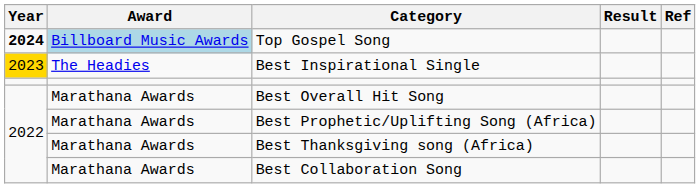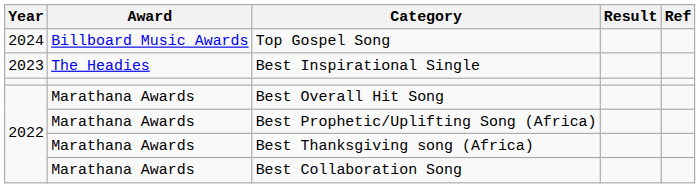 <table class="wikitable">
 <tr>
 <th>Year</th>
 <th>Award</th>
 <th>Category</th>
 <th>Result</th>
 <th>Ref</th>
 </tr>
 <tr>
-<td><strong>2024</strong></td>
-<td style="background: lightblue;"><a href='#'>Billboard Music Awards</a></td>
+<td>2024</td>
+<td><a href='#'>Billboard Music Awards</a></td>
 <td>Top Gospel Song</td>
 <td></td>
 <td></td>
 </tr>
 <tr>
-<td style="background: gold;">2023</td>
+<td>2023</td>
 <td><a href='#'>The Headies</a></td>
 <td>Best Inspirational Single</td>
 <td></td>
 <td></td>
 </tr>
 <tr>
 <td></td>
 <td></td>
 <td></td>
 <td></td>
 <td></td>
 </tr>
 <tr>
 <td rowspan="4">2022</td>
 <td>Marathana Awards</td>
 <td>Best Overall Hit Song</td>
 <td></td>
 <td></td>
 </tr>
 <tr>
 <td>Marathana Awards</td>
 <td>Best Prophetic/Uplifting Song (Africa)</td>
 <td></td>
 <td></td>
 </tr>
 <tr>
 <td>Marathana Awards</td>
 <td>Best Thanksgiving song (Africa)</td>
 <td></td>
 <td></td>
 </tr>
 <tr>
 <td>Marathana Awards</td>
 <td>Best Collaboration Song</td>
 <td></td>
 <td></td>
 </tr>
 </table>
